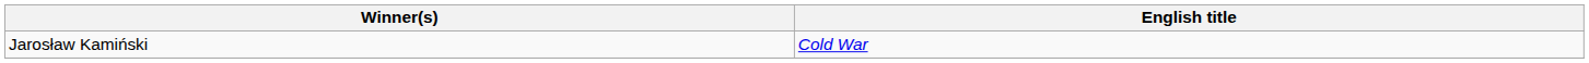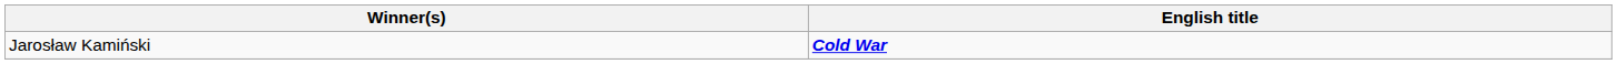 <table class="wikitable" width="95%" cellpadding="5">
 <tr>
 <th width="18%">Winner(s)</th>
 <th width="18%">English title</th>
 </tr>
 <tr>
 <td>Jarosław Kamiński</td>
-<td><em><a href='#'>Cold War</a></em></td>
+<td><strong><em><a href='#'>Cold War</a></em></strong></td>
 </tr>
 <tr>
 </tr>
 </table>
